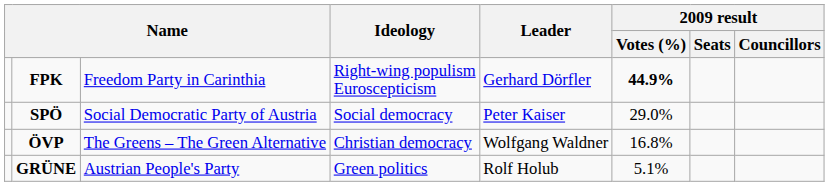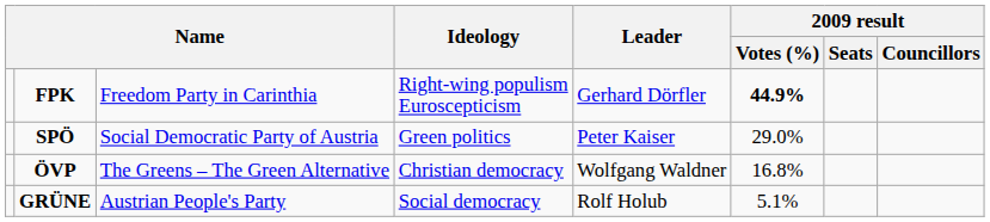 <table class="wikitable">
 <tr>
 <th rowspan="2" colspan="3">Name</th>
 <th rowspan="2">Ideology</th>
 <th rowspan="2">Leader</th>
 <th colspan="3">2009 result</th>
 </tr>
 <tr>
 <th>Votes (%)</th>
 <th>Seats</th>
 <th>Councillors</th>
 </tr>
 <tr>
 <td style="background:"></td>
 <td style="text-align:center;"><strong>FPK</strong></td>
 <td><a href='#'>Freedom Party in Carinthia</a><br></td>
 <td><a href='#'>Right-wing populism</a><br><a href='#'>Euroscepticism</a></td>
 <td><a href='#'>Gerhard Dörfler</a></td>
 <td style="text-align:center;"><strong>44.9%</strong></td>
 <td></td>
 <td></td>
 </tr>
 <tr>
 <td style="background:"></td>
 <td style="text-align:center;"><strong>SPÖ</strong></td>
 <td><a href='#'>Social Democratic Party of Austria</a><br></td>
-<td><a href='#'>Social democracy</a></td>
+<td><a href='#'>Green politics</a></td>
 <td><a href='#'>Peter Kaiser</a></td>
 <td style="text-align:center;">29.0%</td>
 <td></td>
 <td></td>
 </tr>
 <tr>
 <td style="background:"></td>
 <td style="text-align:center;"><strong>ÖVP</strong></td>
 <td><a href='#'>The Greens – The Green Alternative</a><br></td>
 <td><a href='#'>Christian democracy</a></td>
 <td>Wolfgang Waldner</td>
 <td style="text-align:center;">16.8%</td>
 <td></td>
 <td></td>
 </tr>
 <tr>
 <td style="background:"></td>
 <td style="text-align:center;"><strong>GRÜNE</strong></td>
 <td><a href='#'>Austrian People's Party</a><br></td>
-<td><a href='#'>Green politics</a></td>
+<td><a href='#'>Social democracy</a></td>
 <td>Rolf Holub</td>
 <td style="text-align:center;">5.1%</td>
 <td></td>
 </tr>
 </table>
